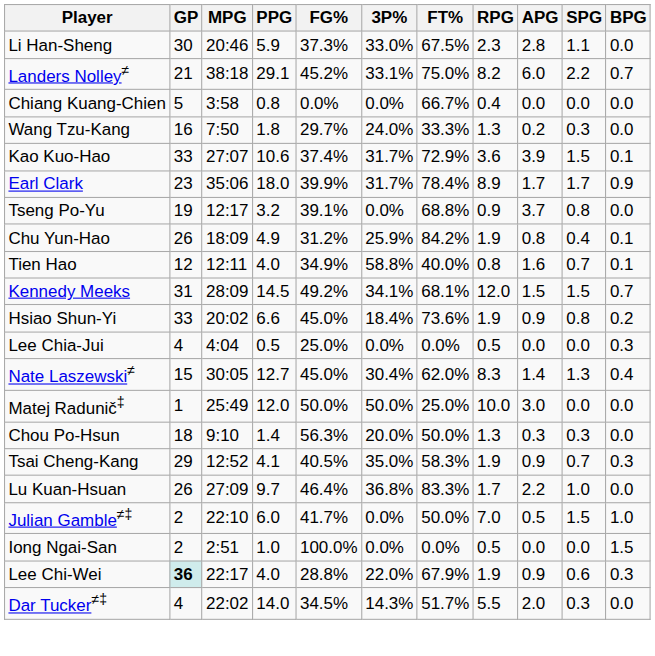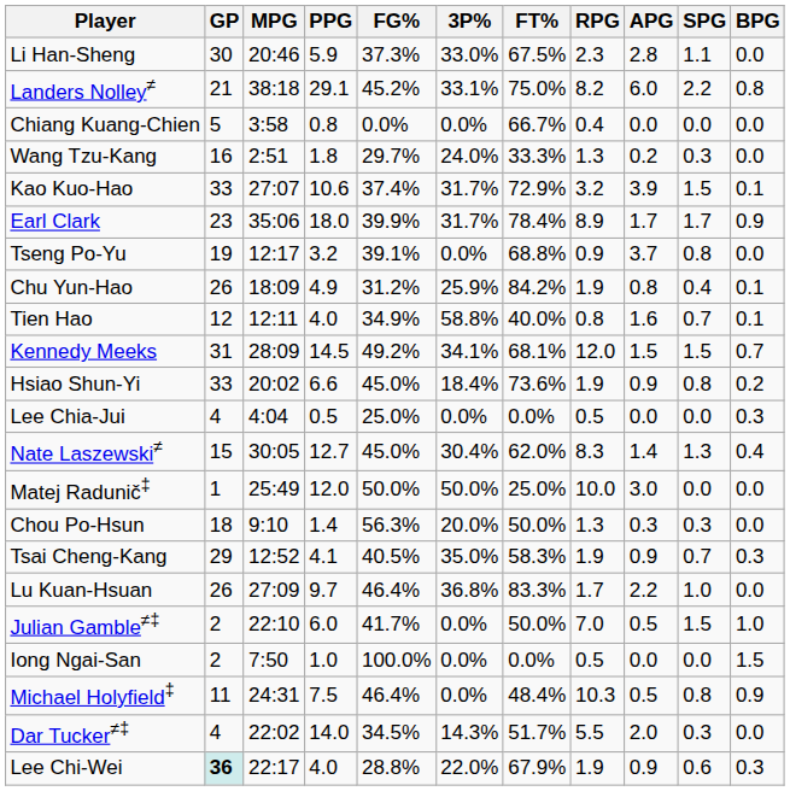 <table class="wikitable">
 <tr>
 <th>Player</th>
 <th>GP</th>
 <th>MPG</th>
 <th>PPG</th>
 <th>FG%</th>
 <th>3P%</th>
 <th>FT%</th>
 <th>RPG</th>
 <th>APG</th>
 <th>SPG</th>
 <th>BPG</th>
 </tr>
 <tr>
 <td>Li Han-Sheng</td>
 <td>30</td>
 <td>20:46</td>
 <td>5.9</td>
 <td>37.3%</td>
 <td>33.0%</td>
 <td>67.5%</td>
 <td>2.3</td>
 <td>2.8</td>
 <td>1.1</td>
 <td>0.0</td>
 </tr>
 <tr>
 <td><a href='#'>Landers Nolley</a><sup>≠</sup></td>
 <td>21</td>
 <td>38:18</td>
 <td>29.1</td>
 <td>45.2%</td>
 <td>33.1%</td>
 <td>75.0%</td>
 <td>8.2</td>
 <td>6.0</td>
 <td>2.2</td>
-<td>0.7</td>
+<td>0.8</td>
 </tr>
 <tr>
 <td>Chiang Kuang-Chien</td>
 <td>5</td>
 <td>3:58</td>
 <td>0.8</td>
 <td>0.0%</td>
 <td>0.0%</td>
 <td>66.7%</td>
 <td>0.4</td>
 <td>0.0</td>
 <td>0.0</td>
 <td>0.0</td>
 </tr>
 <tr>
 <td>Wang Tzu-Kang</td>
 <td>16</td>
-<td>7:50</td>
+<td>2:51</td>
 <td>1.8</td>
 <td>29.7%</td>
 <td>24.0%</td>
 <td>33.3%</td>
 <td>1.3</td>
 <td>0.2</td>
 <td>0.3</td>
 <td>0.0</td>
 </tr>
 <tr>
 <td>Kao Kuo-Hao</td>
 <td>33</td>
 <td>27:07</td>
 <td>10.6</td>
 <td>37.4%</td>
 <td>31.7%</td>
 <td>72.9%</td>
-<td>3.6</td>
+<td>3.2</td>
 <td>3.9</td>
 <td>1.5</td>
 <td>0.1</td>
 </tr>
 <tr>
 <td><a href='#'>Earl Clark</a></td>
 <td>23</td>
 <td>35:06</td>
 <td>18.0</td>
 <td>39.9%</td>
 <td>31.7%</td>
 <td>78.4%</td>
 <td>8.9</td>
 <td>1.7</td>
 <td>1.7</td>
 <td>0.9</td>
 </tr>
 <tr>
 <td>Tseng Po-Yu</td>
 <td>19</td>
 <td>12:17</td>
 <td>3.2</td>
 <td>39.1%</td>
 <td>0.0%</td>
 <td>68.8%</td>
 <td>0.9</td>
 <td>3.7</td>
 <td>0.8</td>
 <td>0.0</td>
 </tr>
 <tr>
 <td>Chu Yun-Hao</td>
 <td>26</td>
 <td>18:09</td>
 <td>4.9</td>
 <td>31.2%</td>
 <td>25.9%</td>
 <td>84.2%</td>
 <td>1.9</td>
 <td>0.8</td>
 <td>0.4</td>
 <td>0.1</td>
 </tr>
 <tr>
 <td>Tien Hao</td>
 <td>12</td>
 <td>12:11</td>
 <td>4.0</td>
 <td>34.9%</td>
 <td>58.8%</td>
 <td>40.0%</td>
 <td>0.8</td>
 <td>1.6</td>
 <td>0.7</td>
 <td>0.1</td>
 </tr>
 <tr>
 <td><a href='#'>Kennedy Meeks</a></td>
 <td>31</td>
 <td>28:09</td>
 <td>14.5</td>
 <td>49.2%</td>
 <td>34.1%</td>
 <td>68.1%</td>
 <td>12.0</td>
 <td>1.5</td>
 <td>1.5</td>
 <td>0.7</td>
 </tr>
 <tr>
 <td>Hsiao Shun-Yi</td>
 <td>33</td>
 <td>20:02</td>
 <td>6.6</td>
 <td>45.0%</td>
 <td>18.4%</td>
 <td>73.6%</td>
 <td>1.9</td>
 <td>0.9</td>
 <td>0.8</td>
 <td>0.2</td>
 </tr>
 <tr>
 <td>Lee Chia-Jui</td>
 <td>4</td>
 <td>4:04</td>
 <td>0.5</td>
 <td>25.0%</td>
 <td>0.0%</td>
 <td>0.0%</td>
 <td>0.5</td>
 <td>0.0</td>
 <td>0.0</td>
 <td>0.3</td>
 </tr>
 <tr>
 <td><a href='#'>Nate Laszewski</a><sup>≠</sup></td>
 <td>15</td>
 <td>30:05</td>
 <td>12.7</td>
 <td>45.0%</td>
 <td>30.4%</td>
 <td>62.0%</td>
 <td>8.3</td>
 <td>1.4</td>
 <td>1.3</td>
 <td>0.4</td>
 </tr>
 <tr>
 <td>Matej Radunič<sup>‡</sup></td>
 <td>1</td>
 <td>25:49</td>
 <td>12.0</td>
 <td>50.0%</td>
 <td>50.0%</td>
 <td>25.0%</td>
 <td>10.0</td>
 <td>3.0</td>
 <td>0.0</td>
 <td>0.0</td>
 </tr>
 <tr>
 <td>Chou Po-Hsun</td>
 <td>18</td>
 <td>9:10</td>
 <td>1.4</td>
 <td>56.3%</td>
 <td>20.0%</td>
 <td>50.0%</td>
 <td>1.3</td>
 <td>0.3</td>
 <td>0.3</td>
 <td>0.0</td>
 </tr>
 <tr>
 <td>Tsai Cheng-Kang</td>
 <td>29</td>
 <td>12:52</td>
 <td>4.1</td>
 <td>40.5%</td>
 <td>35.0%</td>
 <td>58.3%</td>
 <td>1.9</td>
 <td>0.9</td>
 <td>0.7</td>
 <td>0.3</td>
 </tr>
 <tr>
 <td>Lu Kuan-Hsuan</td>
 <td>26</td>
 <td>27:09</td>
 <td>9.7</td>
 <td>46.4%</td>
 <td>36.8%</td>
 <td>83.3%</td>
 <td>1.7</td>
 <td>2.2</td>
 <td>1.0</td>
 <td>0.0</td>
 </tr>
 <tr>
 <td><a href='#'>Julian Gamble</a><sup>≠‡</sup></td>
 <td>2</td>
 <td>22:10</td>
 <td>6.0</td>
 <td>41.7%</td>
 <td>0.0%</td>
 <td>50.0%</td>
 <td>7.0</td>
 <td>0.5</td>
 <td>1.5</td>
 <td>1.0</td>
 </tr>
 <tr>
 <td>Iong Ngai-San</td>
 <td>2</td>
-<td>2:51</td>
+<td>7:50</td>
 <td>1.0</td>
 <td>100.0%</td>
 <td>0.0%</td>
 <td>0.0%</td>
 <td>0.5</td>
 <td>0.0</td>
 <td>0.0</td>
 <td>1.5</td>
+</tr>
+<tr>
+<td><a href='#'>Michael Holyfield</a><sup>‡</sup></td>
+<td>11</td>
+<td>24:31</td>
+<td>7.5</td>
+<td>46.4%</td>
+<td>0.0%</td>
+<td>48.4%</td>
+<td>10.3</td>
+<td>0.5</td>
+<td>0.8</td>
+<td>0.9</td>
+</tr>
+<tr>
+<td><a href='#'>Dar Tucker</a><sup>≠‡</sup></td>
+<td>4</td>
+<td>22:02</td>
+<td>14.0</td>
+<td>34.5%</td>
+<td>14.3%</td>
+<td>51.7%</td>
+<td>5.5</td>
+<td>2.0</td>
+<td>0.3</td>
+<td>0.0</td>
 </tr>
 <tr>
 <td>Lee Chi-Wei</td>
 <td style="background-color: #CFECEC"><strong>36</strong></td>
 <td>22:17</td>
 <td>4.0</td>
 <td>28.8%</td>
 <td>22.0%</td>
 <td>67.9%</td>
 <td>1.9</td>
 <td>0.9</td>
 <td>0.6</td>
 <td>0.3</td>
 </tr>
-<tr>
-<td><a href='#'>Dar Tucker</a><sup>≠‡</sup></td>
-<td>4</td>
-<td>22:02</td>
-<td>14.0</td>
-<td>34.5%</td>
-<td>14.3%</td>
-<td>51.7%</td>
-<td>5.5</td>
-<td>2.0</td>
-<td>0.3</td>
-<td>0.0</td>
-</tr>
 </table>
